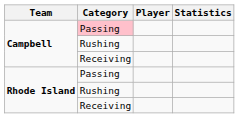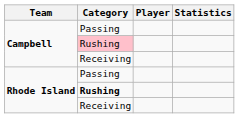 <table class="wikitable" style="float: right;">
 <tr>
 <th>Team</th>
 <th>Category</th>
 <th>Player</th>
 <th>Statistics</th>
 </tr>
 <tr>
 <td rowspan=3><strong>Campbell</strong></td>
-<td style="background: pink;">Passing</td>
+<td>Passing</td>
 <td></td>
 <td></td>
 </tr>
 <tr>
-<td>Rushing</td>
+<td style="background: pink;">Rushing</td>
 <td></td>
 <td></td>
 </tr>
 <tr>
 <td>Receiving</td>
 <td></td>
 <td></td>
 </tr>
 <tr>
 <td rowspan=3><strong>Rhode Island</strong></td>
 <td>Passing</td>
 <td></td>
 <td></td>
 </tr>
 <tr>
-<td>Rushing</td>
+<td><strong>Rushing</strong></td>
 <td></td>
 <td></td>
 </tr>
 <tr>
 <td>Receiving</td>
 <td></td>
 <td></td>
 </tr>
 </table>
